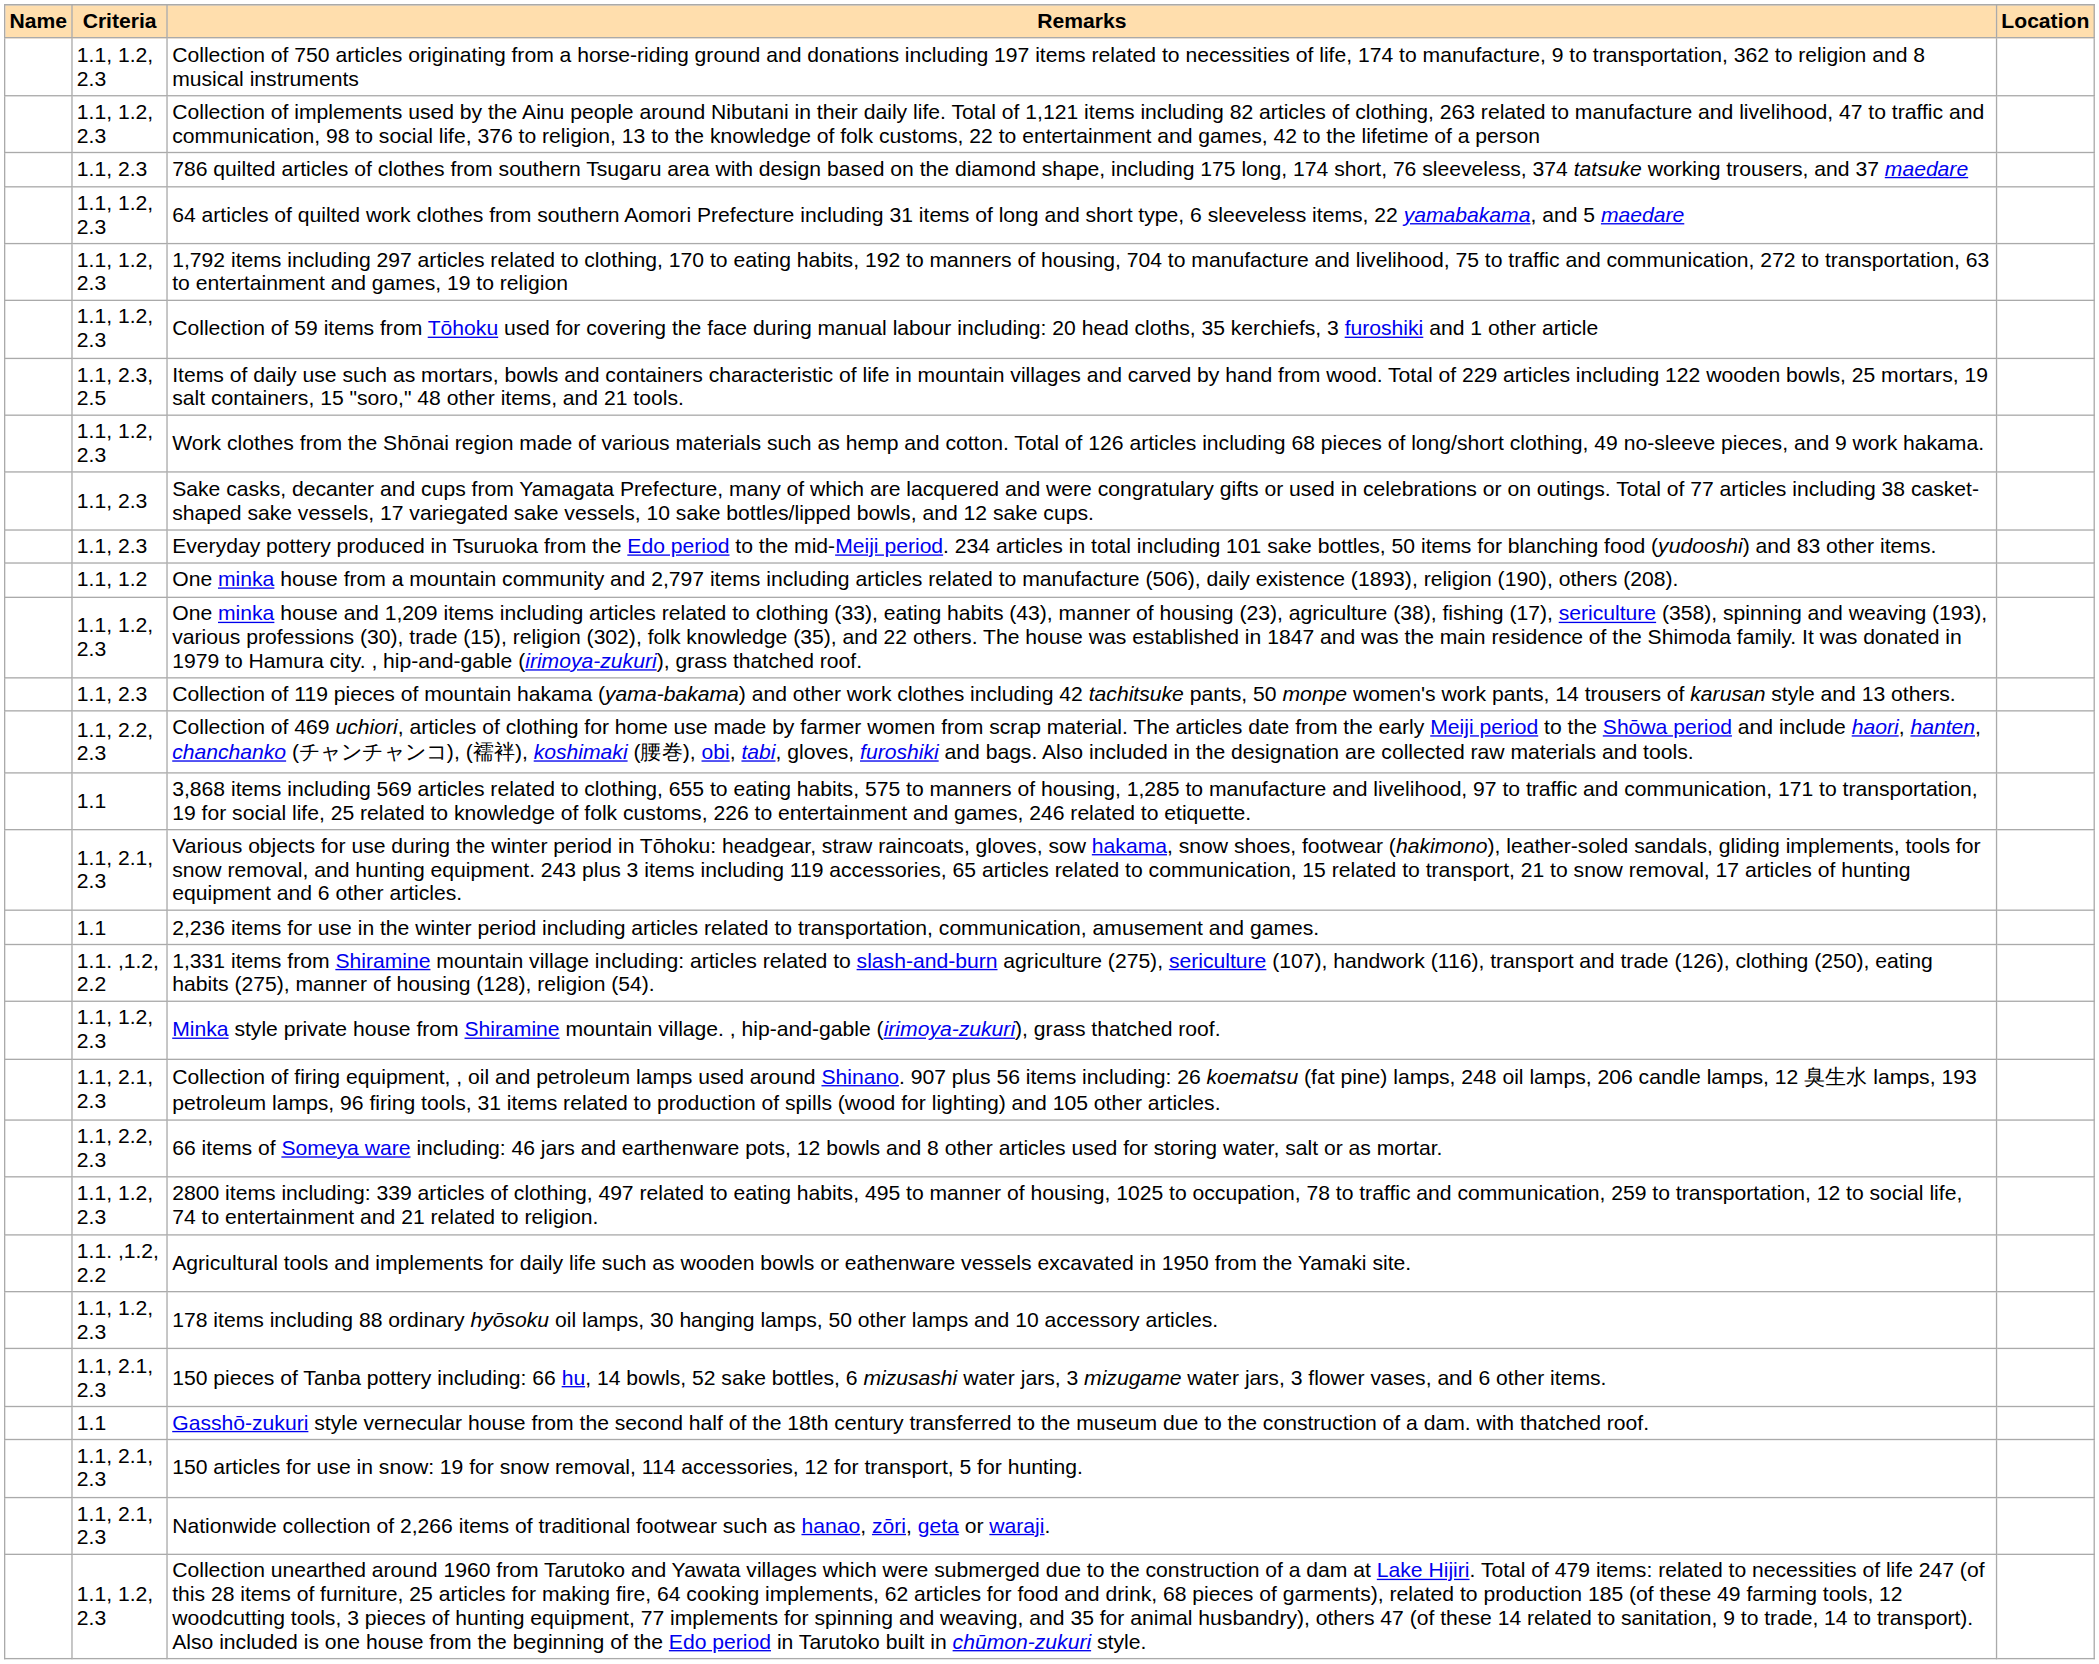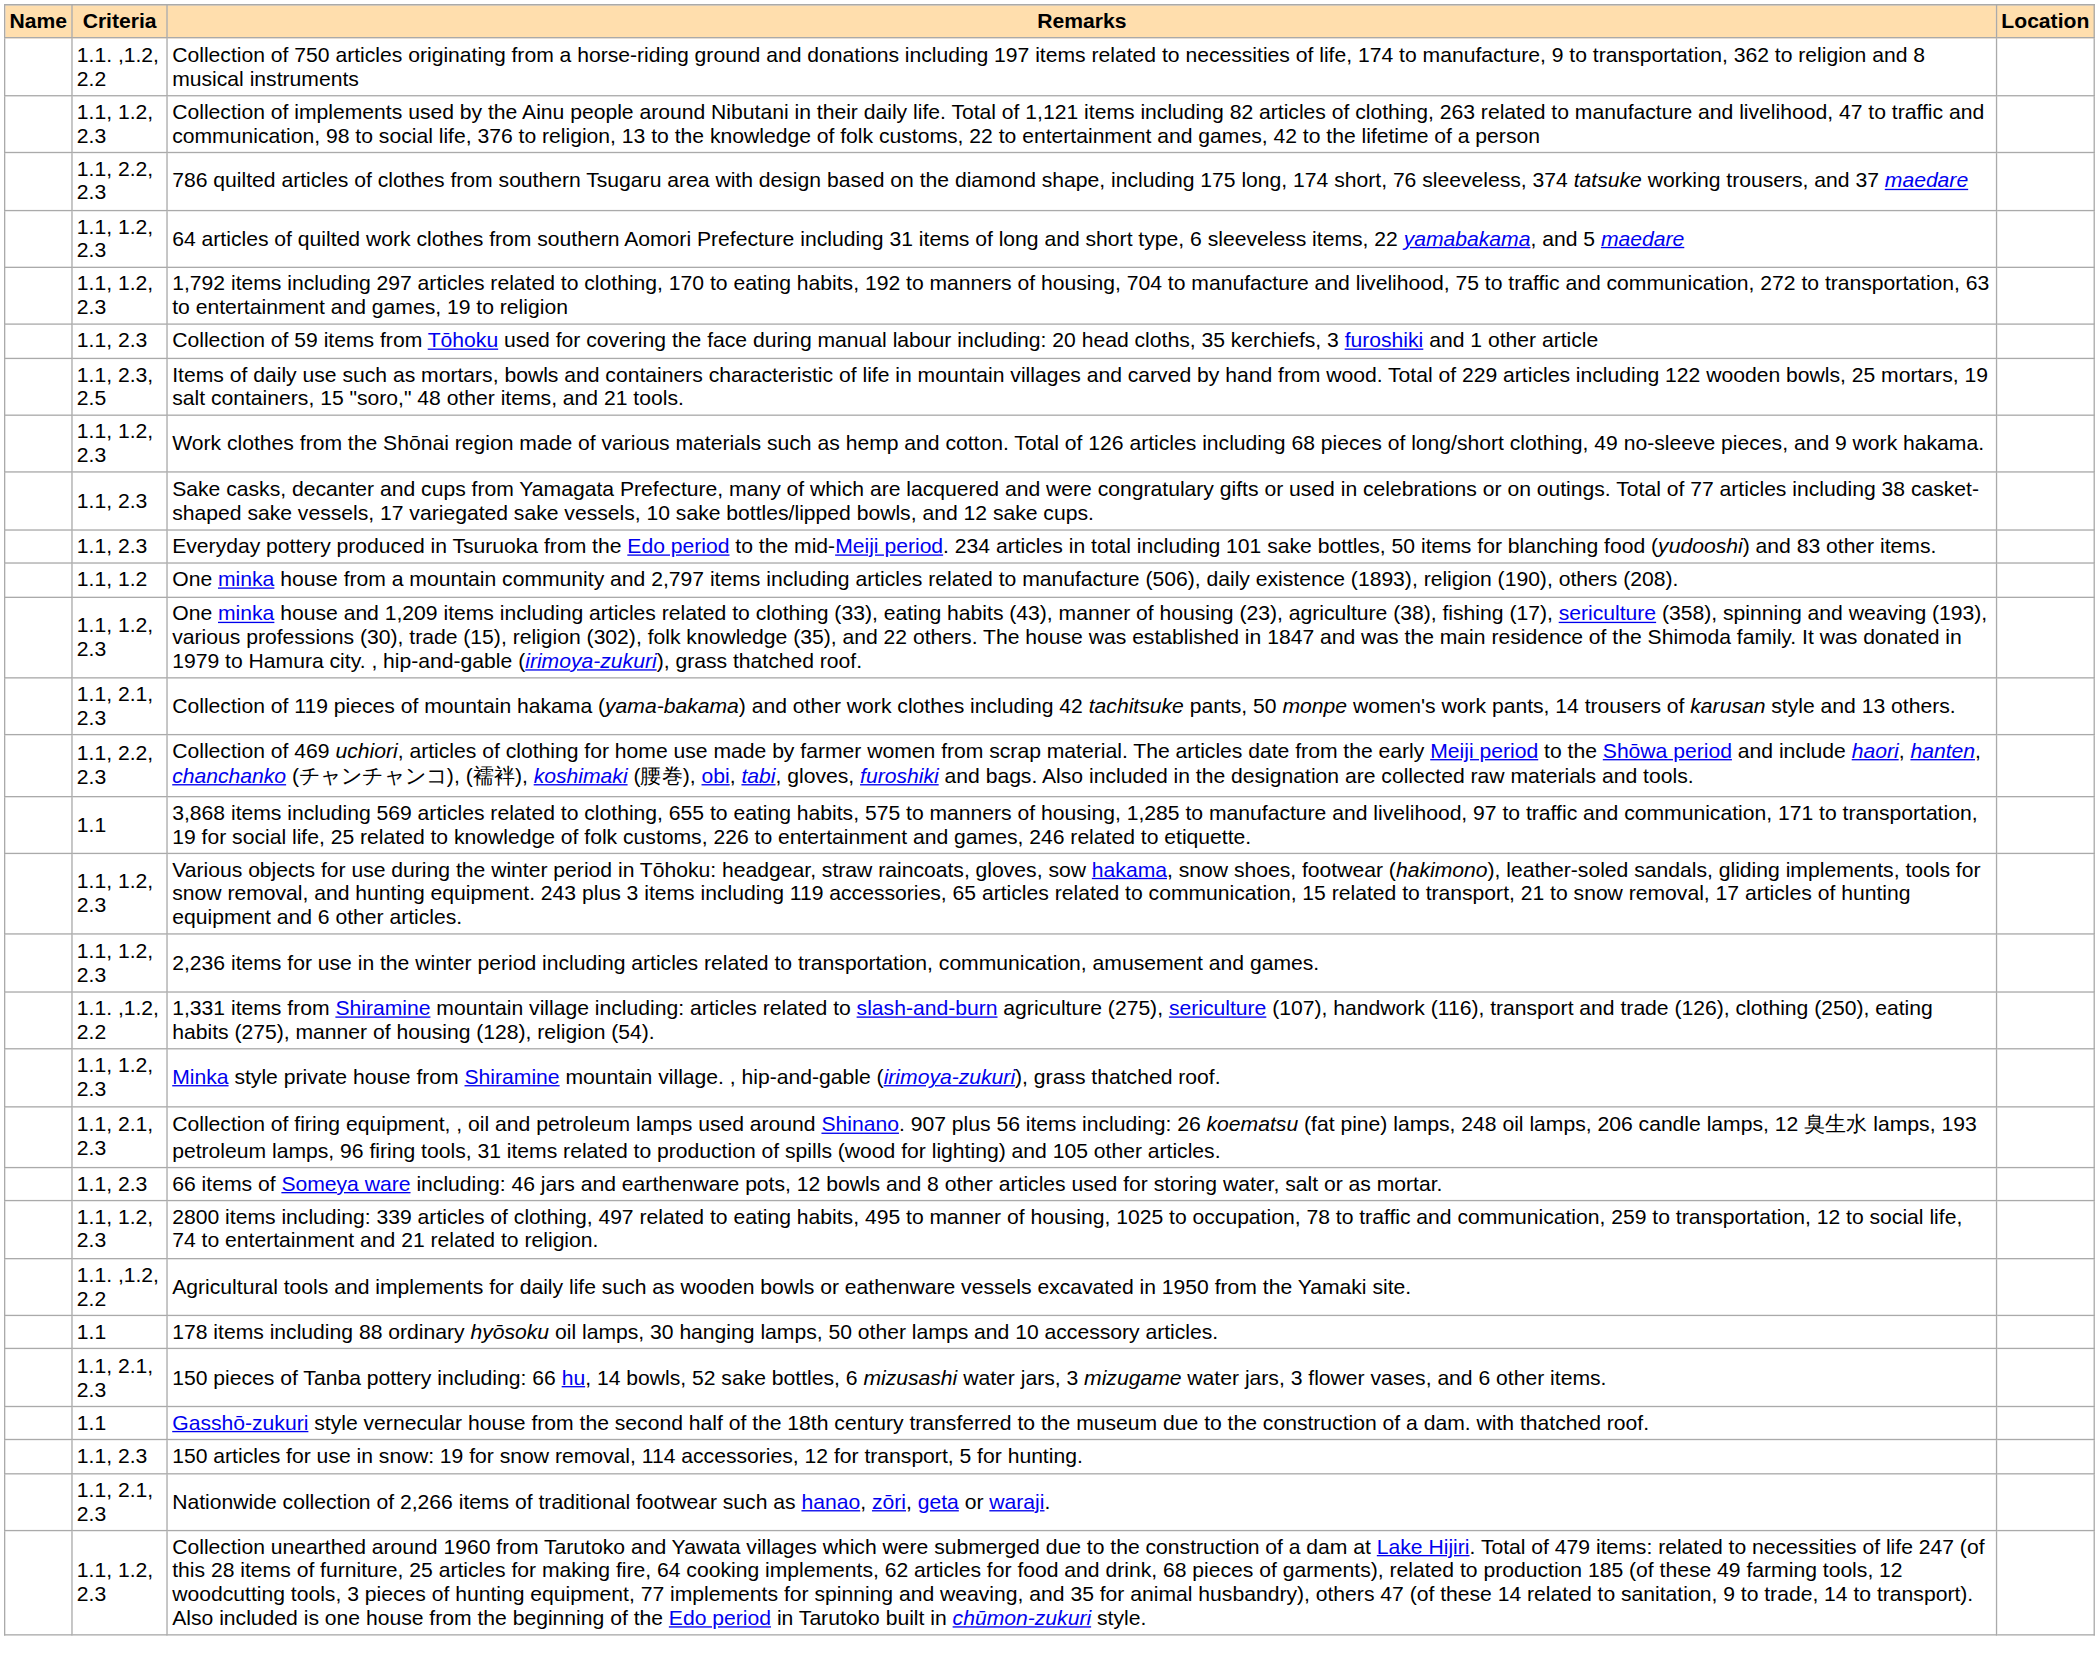 <table class="wikitable sortable" width="100%" style="background:#ffffff;">
 <tr>
 </tr>
 <tr>
 <th scope="col" align="left" style="background:#ffdead;">Name</th>
 <th scope="col" align="left" style="background:#ffdead;">Criteria</th>
 <th scope="col" align="left" style="background:#ffdead;" class="unsortable">Remarks</th>
 <th scope="col" style="background:#ffdead;">Location</th>
 </tr>
 <tr>
 <td></td>
-<td>1.1, 1.2, 2.3</td>
+<td>1.1. ,1.2, 2.2</td>
 <td>Collection of 750 articles originating from a horse-riding ground and donations including 197 items related to necessities of life, 174 to manufacture, 9 to transportation, 362 to religion and 8 musical instruments</td>
 <td></td>
 </tr>
 <tr>
 <td></td>
 <td>1.1, 1.2, 2.3</td>
 <td>Collection of implements used by the Ainu people around Nibutani in their daily life. Total of 1,121 items including 82 articles of clothing, 263 related to manufacture and livelihood, 47 to traffic and communication, 98 to social life, 376 to religion, 13 to the knowledge of folk customs, 22 to entertainment and games, 42 to the lifetime of a person</td>
 <td></td>
 </tr>
 <tr>
 <td></td>
-<td>1.1, 2.3</td>
+<td>1.1, 2.2, 2.3</td>
 <td>786 quilted articles of clothes from southern Tsugaru area with design based on the diamond shape, including 175 long, 174 short, 76 sleeveless, 374 <em>tatsuke</em> working trousers, and 37 <em><a href='#'>maedare</a></em></td>
 <td></td>
 </tr>
 <tr>
 <td></td>
 <td>1.1, 1.2, 2.3</td>
 <td>64 articles of quilted work clothes from southern Aomori Prefecture including 31 items of long and short type, 6 sleeveless items, 22 <em><a href='#'>yamabakama</a></em>, and 5 <em><a href='#'>maedare</a></em></td>
 <td></td>
 </tr>
 <tr>
 <td></td>
 <td>1.1, 1.2, 2.3</td>
 <td>1,792 items including 297 articles related to clothing, 170 to eating habits, 192 to manners of housing, 704 to manufacture and livelihood, 75 to traffic and communication, 272 to transportation, 63 to entertainment and games, 19 to religion</td>
 <td></td>
 </tr>
 <tr>
 <td></td>
-<td>1.1, 1.2, 2.3</td>
+<td>1.1, 2.3</td>
 <td>Collection of 59 items from <a href='#'>Tōhoku</a> used for covering the face during manual labour including: 20 head cloths, 35 kerchiefs, 3 <a href='#'>furoshiki</a> and 1 other article</td>
 <td></td>
 </tr>
 <tr>
 <td></td>
 <td>1.1, 2.3, 2.5</td>
 <td>Items of daily use such as mortars, bowls and containers characteristic of life in mountain villages and carved by hand from wood. Total of 229 articles including 122 wooden bowls, 25 mortars, 19 salt containers, 15 "soro," 48 other items, and 21 tools.</td>
 <td></td>
 </tr>
 <tr>
 <td></td>
 <td>1.1, 1.2, 2.3</td>
 <td>Work clothes from the Shōnai region made of various materials such as hemp and cotton. Total of 126 articles including 68 pieces of long/short clothing, 49 no-sleeve pieces, and 9 work hakama.</td>
 <td></td>
 </tr>
 <tr>
 <td></td>
 <td>1.1, 2.3</td>
 <td>Sake casks, decanter and cups from Yamagata Prefecture, many of which are lacquered and were congratulary gifts or used in celebrations or on outings. Total of 77 articles including 38 casket-shaped sake vessels, 17 variegated sake vessels, 10 sake bottles/lipped bowls, and 12 sake cups.</td>
 <td></td>
 </tr>
 <tr>
 <td></td>
 <td>1.1, 2.3</td>
 <td>Everyday pottery produced in Tsuruoka from the <a href='#'>Edo period</a> to the mid-<a href='#'>Meiji period</a>. 234 articles in total including 101 sake bottles, 50 items for blanching food (<em>yudooshi</em>) and 83 other items.</td>
 <td></td>
 </tr>
 <tr>
 <td></td>
 <td>1.1, 1.2</td>
 <td>One <a href='#'>minka</a> house from a mountain community and 2,797 items including articles related to manufacture (506), daily existence (1893), religion (190), others (208).</td>
 <td></td>
 </tr>
 <tr>
 <td></td>
 <td>1.1, 1.2, 2.3</td>
 <td>One <a href='#'>minka</a> house and 1,209 items including articles related to clothing (33), eating habits (43), manner of housing (23), agriculture (38), fishing (17), <a href='#'>sericulture</a> (358), spinning and weaving (193), various professions (30), trade (15), religion (302), folk knowledge (35), and 22 others. The house was established in 1847 and was the main residence of the Shimoda family. It was donated in 1979 to Hamura city. , hip-and-gable (<em><a href='#'>irimoya-zukuri</a></em>), grass thatched roof.</td>
 <td></td>
 </tr>
 <tr>
 <td></td>
-<td>1.1, 2.3</td>
+<td>1.1, 2.1, 2.3</td>
 <td>Collection of 119 pieces of mountain hakama (<em>yama-bakama</em>) and other work clothes including 42 <em>tachitsuke</em> pants, 50 <em>monpe</em> women's work pants, 14 trousers of <em>karusan</em> style and 13 others.</td>
 <td></td>
 </tr>
 <tr>
 <td></td>
 <td>1.1, 2.2, 2.3</td>
 <td>Collection of 469 <em>uchiori</em>, articles of clothing for home use made by farmer women from scrap material. The articles date from the early <a href='#'>Meiji period</a> to the <a href='#'>Shōwa period</a> and include <em><a href='#'>haori</a></em>, <em><a href='#'>hanten</a></em>, <em><a href='#'>chanchanko</a></em> (チャンチャンコ), <em></em> (襦袢), <em><a href='#'>koshimaki</a></em> (腰巻), <a href='#'>obi</a>, <em><a href='#'>tabi</a></em>, gloves, <em><a href='#'>furoshiki</a></em> and bags. Also included in the designation are collected raw materials and tools.</td>
 <td></td>
 </tr>
 <tr>
 <td></td>
 <td>1.1</td>
 <td>3,868 items including 569 articles related to clothing, 655 to eating habits, 575 to manners of housing, 1,285 to manufacture and livelihood, 97 to traffic and communication, 171 to transportation, 19 for social life, 25 related to knowledge of folk customs, 226 to entertainment and games, 246 related to etiquette.</td>
 <td></td>
 </tr>
 <tr>
 <td></td>
-<td>1.1, 2.1, 2.3</td>
+<td>1.1, 1.2, 2.3</td>
 <td>Various objects for use during the winter period in Tōhoku: headgear, straw raincoats, gloves, sow <a href='#'>hakama</a>, snow shoes, footwear (<em>hakimono</em>), leather-soled sandals, gliding implements, tools for snow removal, and hunting equipment. 243 plus 3 items including 119 accessories, 65 articles related to communication, 15 related to transport, 21 to snow removal, 17 articles of hunting equipment and 6 other articles.</td>
 <td></td>
 </tr>
 <tr>
 <td></td>
-<td>1.1</td>
+<td>1.1, 1.2, 2.3</td>
 <td>2,236 items for use in the winter period including articles related to transportation, communication, amusement and games.</td>
 <td></td>
 </tr>
 <tr>
 <td></td>
 <td>1.1. ,1.2, 2.2</td>
 <td>1,331 items from <a href='#'>Shiramine</a> mountain village including: articles related to <a href='#'>slash-and-burn</a> agriculture (275), <a href='#'>sericulture</a> (107), handwork (116), transport and trade (126), clothing (250), eating habits (275), manner of housing (128), religion (54).</td>
 <td></td>
 </tr>
 <tr>
 <td></td>
 <td>1.1, 1.2, 2.3</td>
 <td><a href='#'>Minka</a> style private house from <a href='#'>Shiramine</a> mountain village. , hip-and-gable (<em><a href='#'>irimoya-zukuri</a></em>), grass thatched roof.</td>
 <td></td>
 </tr>
 <tr>
 <td></td>
 <td>1.1, 2.1, 2.3</td>
 <td>Collection of firing equipment, , oil and petroleum lamps used around <a href='#'>Shinano</a>. 907 plus 56 items including: 26 <em>koematsu</em> (fat pine) lamps, 248 oil lamps, 206 candle lamps, 12 臭生水 lamps, 193 petroleum lamps, 96 firing tools, 31 items related to production of spills (wood for lighting) and 105 other articles.</td>
 <td></td>
 </tr>
 <tr>
 <td></td>
-<td>1.1, 2.2, 2.3</td>
+<td>1.1, 2.3</td>
 <td>66 items of <a href='#'>Someya ware</a> including: 46 jars and earthenware pots, 12 bowls and 8 other articles used for storing water, salt or as mortar.</td>
 <td></td>
 </tr>
 <tr>
 <td></td>
 <td>1.1, 1.2, 2.3</td>
 <td>2800 items including: 339 articles of clothing, 497 related to eating habits, 495 to manner of housing, 1025 to occupation, 78 to traffic and communication, 259 to transportation, 12 to social life, 74 to entertainment and 21 related to religion.</td>
 <td></td>
 </tr>
 <tr>
 <td></td>
 <td>1.1. ,1.2, 2.2</td>
 <td>Agricultural tools and implements for daily life such as wooden bowls or eathenware vessels excavated in 1950 from the Yamaki site.</td>
 <td></td>
 </tr>
 <tr>
 <td></td>
-<td>1.1, 1.2, 2.3</td>
+<td>1.1</td>
 <td>178 items including 88 ordinary <em>hyōsoku</em> oil lamps, 30 hanging lamps, 50 other lamps and 10 accessory articles.</td>
 <td></td>
 </tr>
 <tr>
 <td></td>
 <td>1.1, 2.1, 2.3</td>
 <td>150 pieces of Tanba pottery including: 66 <a href='#'>hu</a>, 14 bowls, 52 sake bottles, 6 <em>mizusashi</em> water jars, 3 <em>mizugame</em> water jars, 3 flower vases, and 6 other items.</td>
 <td></td>
 </tr>
 <tr>
 <td></td>
 <td>1.1</td>
 <td><a href='#'>Gasshō-zukuri</a> style vernecular house from the second half of the 18th century transferred to the museum due to the construction of a dam.  with thatched roof.</td>
 <td></td>
 </tr>
 <tr>
 <td></td>
-<td>1.1, 2.1, 2.3</td>
+<td>1.1, 2.3</td>
 <td>150 articles for use in snow: 19 for snow removal, 114 accessories, 12 for transport, 5 for hunting.</td>
 <td></td>
 </tr>
 <tr>
 <td></td>
 <td>1.1, 2.1, 2.3</td>
 <td>Nationwide collection of 2,266 items of traditional footwear such as <a href='#'>hanao</a>, <a href='#'>zōri</a>, <a href='#'>geta</a> or <a href='#'>waraji</a>.</td>
 <td></td>
 </tr>
 <tr>
 <td></td>
 <td>1.1, 1.2, 2.3</td>
 <td>Collection unearthed around 1960 from Tarutoko and Yawata villages which were submerged due to the construction of a dam at <a href='#'>Lake Hijiri</a>.  Total of 479 items: related to necessities of life 247 (of this 28 items of furniture, 25 articles for making fire, 64 cooking implements, 62 articles for food and drink, 68 pieces of garments), related to production 185 (of these 49 farming tools, 12 woodcutting tools, 3 pieces of hunting equipment, 77 implements for spinning and weaving, and 35 for animal husbandry), others 47 (of these 14 related to sanitation, 9 to trade, 14 to transport).  Also included is one house from the beginning of the <a href='#'>Edo period</a> in Tarutoko built in <em><a href='#'>chūmon-zukuri</a></em> style.</td>
 <td></td>
 </tr>
 </table>
